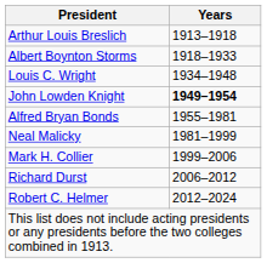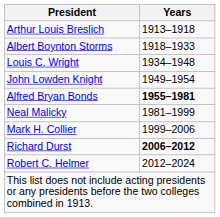 <table class="wikitable floatleft" style="max-width: 20em;">
 <tr>
 <th scope="col">President</th>
 <th scope="col">Years</th>
 </tr>
 <tr>
 <td><a href='#'>Arthur Louis Breslich</a></td>
 <td>1913–1918</td>
 </tr>
 <tr>
 <td><a href='#'>Albert Boynton Storms</a></td>
 <td>1918–1933</td>
 </tr>
 <tr>
 <td><a href='#'>Louis C. Wright</a></td>
 <td>1934–1948</td>
 </tr>
 <tr>
 <td><a href='#'>John Lowden Knight</a></td>
-<td><strong>1949–1954</strong></td>
+<td>1949–1954</td>
 </tr>
 <tr>
 <td><a href='#'>Alfred Bryan Bonds</a></td>
-<td>1955–1981</td>
+<td><strong>1955–1981</strong></td>
 </tr>
 <tr>
 <td><a href='#'>Neal Malicky</a></td>
 <td>1981–1999</td>
 </tr>
 <tr>
 <td><a href='#'>Mark H. Collier</a></td>
 <td>1999–2006</td>
 </tr>
 <tr>
 <td><a href='#'>Richard Durst</a></td>
-<td>2006–2012</td>
+<td><strong>2006–2012</strong></td>
 </tr>
 <tr>
 <td><a href='#'>Robert C. Helmer</a></td>
 <td>2012–2024</td>
 </tr>
 <tr>
 <td colspan=2>This list does not include acting presidents or any presidents before the two colleges combined in 1913.</td>
 </tr>
 </table>
